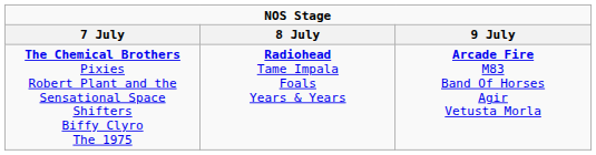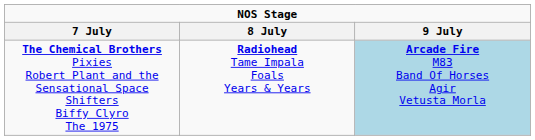 <table class="wikitable">
 <tr>
 <td colspan="3" align="center"><strong>NOS Stage</strong></td>
 </tr>
 <tr>
 <th>7 July</th>
 <th>8 July</th>
 <th>9 July</th>
 </tr>
 <tr>
 <td width="200" align="center" valign="top"><strong><a href='#'>The Chemical Brothers</a></strong><br><a href='#'>Pixies</a><br><a href='#'>Robert Plant and the Sensational Space Shifters</a><br><a href='#'>Biffy Clyro</a><br><a href='#'>The 1975</a></td>
 <td width="200" align="center" valign="top"><strong><a href='#'>Radiohead</a></strong><br><a href='#'>Tame Impala</a><br><a href='#'>Foals</a><br><a href='#'>Years & Years</a></td>
-<td width="200" align="center" valign="top"><strong><a href='#'>Arcade Fire</a></strong><br><a href='#'>M83</a><br><a href='#'>Band Of Horses</a><br><a href='#'>Agir</a><br><a href='#'>Vetusta Morla</a></td>
+<td width="200" align="center" valign="top" style="background: lightblue;"><strong><a href='#'>Arcade Fire</a></strong><br><a href='#'>M83</a><br><a href='#'>Band Of Horses</a><br><a href='#'>Agir</a><br><a href='#'>Vetusta Morla</a></td>
 </tr>
 </table>
